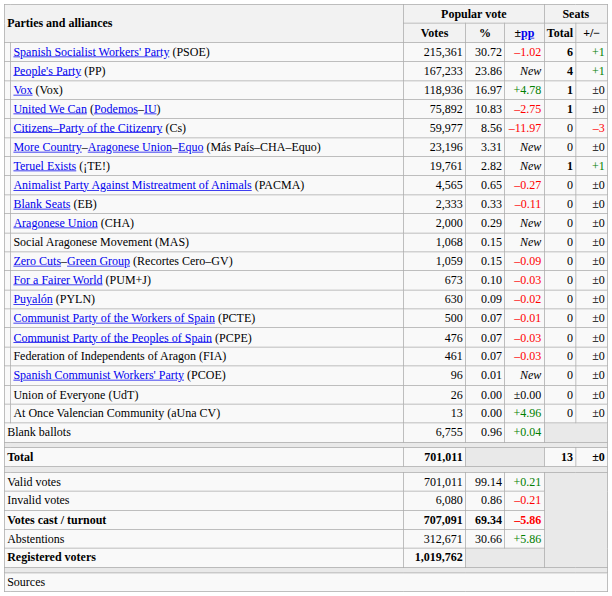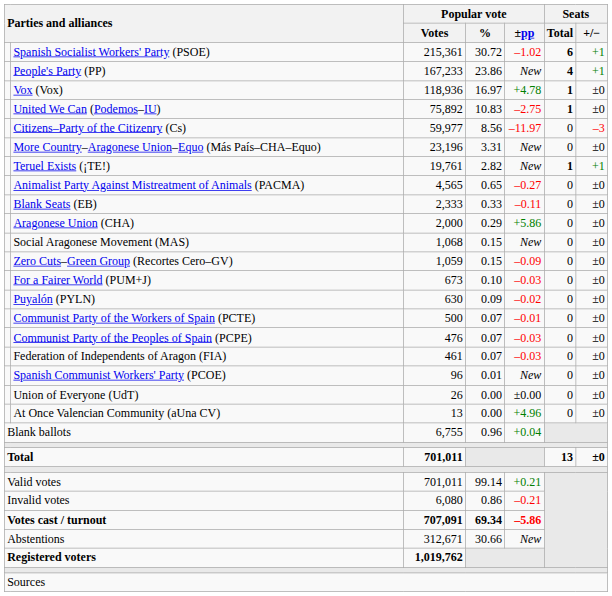 <table class="wikitable" style="text-align:right;">
 <tr>
 <th style="text-align:left;" rowspan="2" colspan="2" width="525">Parties and alliances</th>
 <th colspan="3">Popular vote</th>
 <th colspan="2">Seats</th>
 </tr>
 <tr>
 <th width="75">Votes</th>
 <th width="45">%</th>
 <th width="45">±<a href='#'>pp</a></th>
 <th width="35">Total</th>
 <th width="35">+/−</th>
 </tr>
 <tr>
 <td width="1" style="color:inherit;background:"></td>
 <td align="left"><a href='#'>Spanish Socialist Workers' Party</a> (PSOE)</td>
 <td>215,361</td>
 <td>30.72</td>
 <td style="color:red;">–1.02</td>
 <td><strong>6</strong></td>
 <td style="color:green;">+1</td>
 </tr>
 <tr>
 <td style="color:inherit;background:"></td>
 <td align="left"><a href='#'>People's Party</a> (PP)</td>
 <td>167,233</td>
 <td>23.86</td>
 <td><em>New</em></td>
 <td><strong>4</strong></td>
 <td style="color:green;">+1</td>
 </tr>
 <tr>
 <td style="color:inherit;background:"></td>
 <td align="left"><a href='#'>Vox</a> (Vox)</td>
 <td>118,936</td>
 <td>16.97</td>
 <td style="color:green;">+4.78</td>
 <td><strong>1</strong></td>
 <td>±0</td>
 </tr>
 <tr>
 <td style="color:inherit;background:"></td>
 <td align="left"><a href='#'>United We Can</a> (<a href='#'>Podemos</a>–<a href='#'>IU</a>)</td>
 <td>75,892</td>
 <td>10.83</td>
 <td style="color:red;">–2.75</td>
 <td><strong>1</strong></td>
 <td>±0</td>
 </tr>
 <tr>
 <td style="color:inherit;background:"></td>
 <td align="left"><a href='#'>Citizens–Party of the Citizenry</a> (Cs)</td>
 <td>59,977</td>
 <td>8.56</td>
 <td style="color:red;">–11.97</td>
 <td>0</td>
 <td style="color:red;">–3</td>
 </tr>
 <tr>
 <td style="color:inherit;background:"></td>
 <td align="left"><a href='#'>More Country</a>–<a href='#'>Aragonese Union</a>–<a href='#'>Equo</a> (Más País–CHA–Equo)</td>
 <td>23,196</td>
 <td>3.31</td>
 <td><em>New</em></td>
 <td>0</td>
 <td>±0</td>
 </tr>
 <tr>
 <td style="color:inherit;background:"></td>
 <td align="left"><a href='#'>Teruel Exists</a> (¡TE!)</td>
 <td>19,761</td>
 <td>2.82</td>
 <td><em>New</em></td>
 <td><strong>1</strong></td>
 <td style="color:green;">+1</td>
 </tr>
 <tr>
 <td style="color:inherit;background:"></td>
 <td align="left"><a href='#'>Animalist Party Against Mistreatment of Animals</a> (PACMA)</td>
 <td>4,565</td>
 <td>0.65</td>
 <td style="color:red;">–0.27</td>
 <td>0</td>
 <td>±0</td>
 </tr>
 <tr>
 <td style="color:inherit;background:"></td>
 <td align="left"><a href='#'>Blank Seats</a> (EB)</td>
 <td>2,333</td>
 <td>0.33</td>
 <td style="color:red;">–0.11</td>
 <td>0</td>
 <td>±0</td>
 </tr>
 <tr>
 <td style="color:inherit;background:"></td>
 <td align="left"><a href='#'>Aragonese Union</a> (CHA)</td>
 <td>2,000</td>
 <td>0.29</td>
-<td><em>New</em></td>
+<td style="color:green;">+5.86</td>
 <td>0</td>
 <td>±0</td>
 </tr>
 <tr>
 <td style="color:inherit;background:"></td>
 <td align="left">Social Aragonese Movement (MAS)</td>
 <td>1,068</td>
 <td>0.15</td>
 <td><em>New</em></td>
 <td>0</td>
 <td>±0</td>
 </tr>
 <tr>
 <td style="color:inherit;background:"></td>
 <td align="left"><a href='#'>Zero Cuts</a>–<a href='#'>Green Group</a> (Recortes Cero–GV)</td>
 <td>1,059</td>
 <td>0.15</td>
 <td style="color:red;">–0.09</td>
 <td>0</td>
 <td>±0</td>
 </tr>
 <tr>
 <td style="color:inherit;background:"></td>
 <td align="left"><a href='#'>For a Fairer World</a> (PUM+J)</td>
 <td>673</td>
 <td>0.10</td>
 <td style="color:red;">–0.03</td>
 <td>0</td>
 <td>±0</td>
 </tr>
 <tr>
 <td style="color:inherit;background:"></td>
 <td align="left"><a href='#'>Puyalón</a> (PYLN)</td>
 <td>630</td>
 <td>0.09</td>
 <td style="color:red;">–0.02</td>
 <td>0</td>
 <td>±0</td>
 </tr>
 <tr>
 <td style="color:inherit;background:"></td>
 <td align="left"><a href='#'>Communist Party of the Workers of Spain</a> (PCTE)</td>
 <td>500</td>
 <td>0.07</td>
 <td style="color:red;">–0.01</td>
 <td>0</td>
 <td>±0</td>
 </tr>
 <tr>
 <td style="color:inherit;background:"></td>
 <td align="left"><a href='#'>Communist Party of the Peoples of Spain</a> (PCPE)</td>
 <td>476</td>
 <td>0.07</td>
 <td style="color:red;">–0.03</td>
 <td>0</td>
 <td>±0</td>
 </tr>
 <tr>
 <td style="color:inherit;background:"></td>
 <td align="left">Federation of Independents of Aragon (FIA)</td>
 <td>461</td>
 <td>0.07</td>
 <td style="color:red;">–0.03</td>
 <td>0</td>
 <td>±0</td>
 </tr>
 <tr>
 <td style="color:inherit;background:"></td>
 <td align="left"><a href='#'>Spanish Communist Workers' Party</a> (PCOE)</td>
 <td>96</td>
 <td>0.01</td>
 <td><em>New</em></td>
 <td>0</td>
 <td>±0</td>
 </tr>
 <tr>
 <td style="color:inherit;background:"></td>
 <td align="left">Union of Everyone (UdT)</td>
 <td>26</td>
 <td>0.00</td>
 <td>±0.00</td>
 <td>0</td>
 <td>±0</td>
 </tr>
 <tr>
 <td style="color:inherit;background:"></td>
 <td align="left">At Once Valencian Community (aUna CV)</td>
 <td>13</td>
 <td>0.00</td>
 <td style="color:green;">+4.96</td>
 <td>0</td>
 <td>±0</td>
 </tr>
 <tr>
 <td align="left" colspan="2">Blank ballots</td>
 <td>6,755</td>
 <td>0.96</td>
 <td style="color:green;">+0.04</td>
 <td bgcolor="#E9E9E9" colspan="2"></td>
 </tr>
 <tr>
 <td colspan="7" bgcolor="#E9E9E9"></td>
 </tr>
 <tr style="font-weight:bold;">
 <td align="left" colspan="2">Total</td>
 <td>701,011</td>
 <td bgcolor="#E9E9E9" colspan="2"></td>
 <td>13</td>
 <td>±0</td>
 </tr>
 <tr>
 <td colspan="7" bgcolor="#E9E9E9"></td>
 </tr>
 <tr>
 <td align="left" colspan="2">Valid votes</td>
 <td>701,011</td>
 <td>99.14</td>
 <td style="color:green;">+0.21</td>
 <td bgcolor="#E9E9E9" colspan="2" rowspan="5"></td>
 </tr>
 <tr>
 <td align="left" colspan="2">Invalid votes</td>
 <td>6,080</td>
 <td>0.86</td>
 <td style="color:red;">–0.21</td>
 </tr>
 <tr style="font-weight:bold;">
 <td align="left" colspan="2">Votes cast / turnout</td>
 <td>707,091</td>
 <td>69.34</td>
 <td style="color:red;">–5.86</td>
 </tr>
 <tr>
 <td align="left" colspan="2">Abstentions</td>
 <td>312,671</td>
 <td>30.66</td>
-<td style="color:green;">+5.86</td>
+<td><em>New</em></td>
 </tr>
 <tr style="font-weight:bold;">
 <td align="left" colspan="2">Registered voters</td>
 <td>1,019,762</td>
 <td bgcolor="#E9E9E9" colspan="2"></td>
 </tr>
 <tr>
 <td colspan="7" bgcolor="#E9E9E9"></td>
 </tr>
 <tr>
 <td align="left" colspan="7">Sources</td>
 </tr>
 </table>
